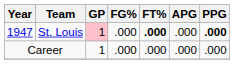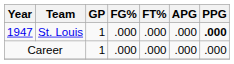 <table class="wikitable sortable" style="font-size:95%; text-align:right;">
 <tr>
 <th>Year</th>
 <th>Team</th>
 <th>GP</th>
 <th>FG%</th>
 <th>FT%</th>
 <th>APG</th>
 <th>PPG</th>
 </tr>
 <tr>
 <td style="text-align:left;"><a href='#'>1947</a></td>
 <td style="text-align:left;"><a href='#'>St. Louis</a></td>
-<td style="background: pink;">1</td>
+<td>1</td>
 <td>.000</td>
-<td><strong>.000</strong></td>
+<td>.000</td>
 <td>.000</td>
 <td><strong>.000</strong></td>
 </tr>
 <tr>
 <td style="text-align:center;" colspan="2">Career</td>
 <td>1</td>
 <td>.000</td>
 <td>.000</td>
 <td>.000</td>
 <td>.000</td>
 </tr>
 <tr>
 </tr>
 </table>
